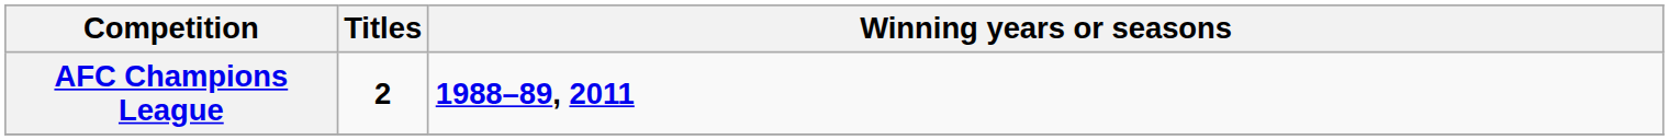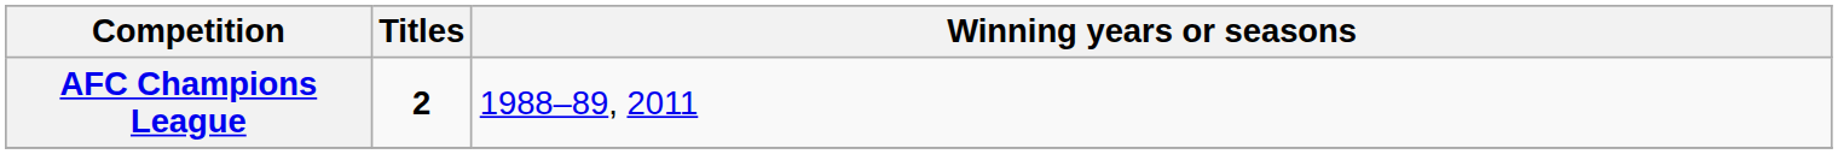 <table class="wikitable sortable plainrowheaders" style="width:100%;">
 <tr>
 <th scope="col" style="width:20%;">Competition</th>
 <th scope="col" style="width:5%;">Titles</th>
 <th scope="col">Winning years or seasons</th>
 </tr>
 <tr>
 <th scope="row"><a href='#'>AFC Champions League</a></th>
 <td style="text-align:center;"><strong>2</strong></td>
-<td><strong><a href='#'>1988–89</a>, <a href='#'>2011</a></strong></td>
+<td><a href='#'>1988–89</a>, <a href='#'>2011</a></td>
 </tr>
 <tr>
 </tr>
 </table>
